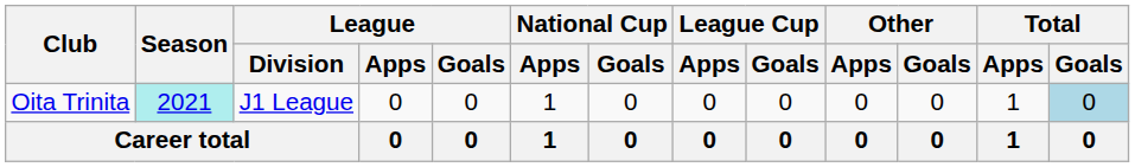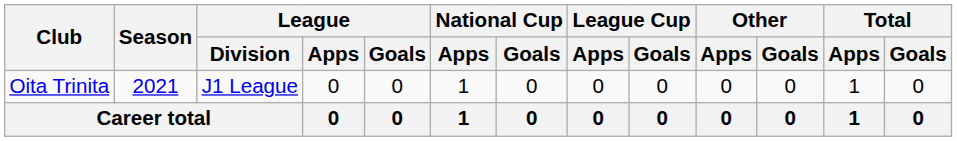 <table class="wikitable" style="text-align: center">
 <tr>
 <th rowspan="2">Club</th>
 <th rowspan="2">Season</th>
 <th colspan="3">League</th>
 <th colspan="2">National Cup</th>
 <th colspan="2">League Cup</th>
 <th colspan="2">Other</th>
 <th colspan="2">Total</th>
 </tr>
 <tr>
 <th>Division</th>
 <th>Apps</th>
 <th>Goals</th>
 <th>Apps</th>
 <th>Goals</th>
 <th>Apps</th>
 <th>Goals</th>
 <th>Apps</th>
 <th>Goals</th>
 <th>Apps</th>
 <th>Goals</th>
 </tr>
 <tr>
 <td><a href='#'>Oita Trinita</a></td>
-<td style="background: paleturquoise;"><a href='#'>2021</a></td>
+<td><a href='#'>2021</a></td>
 <td><a href='#'>J1 League</a></td>
 <td>0</td>
 <td>0</td>
 <td>1</td>
 <td>0</td>
 <td>0</td>
 <td>0</td>
 <td>0</td>
 <td>0</td>
 <td>1</td>
-<td style="background: lightblue;">0</td>
+<td>0</td>
 </tr>
 <tr>
 <th colspan=3>Career total</th>
 <th>0</th>
 <th>0</th>
 <th>1</th>
 <th>0</th>
 <th>0</th>
 <th>0</th>
 <th>0</th>
 <th>0</th>
 <th>1</th>
 <th>0</th>
 </tr>
 </table>
